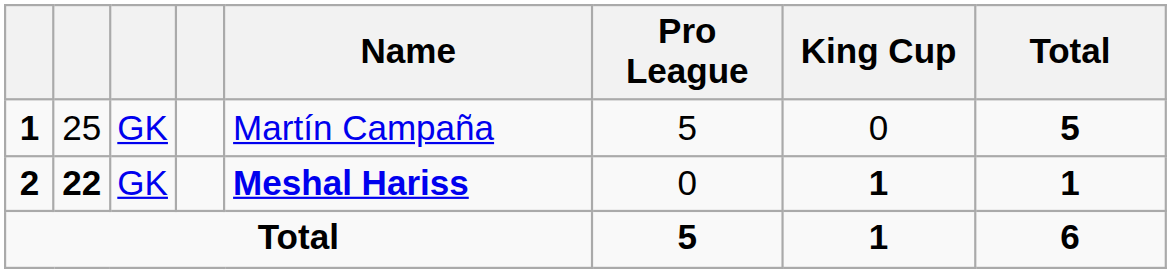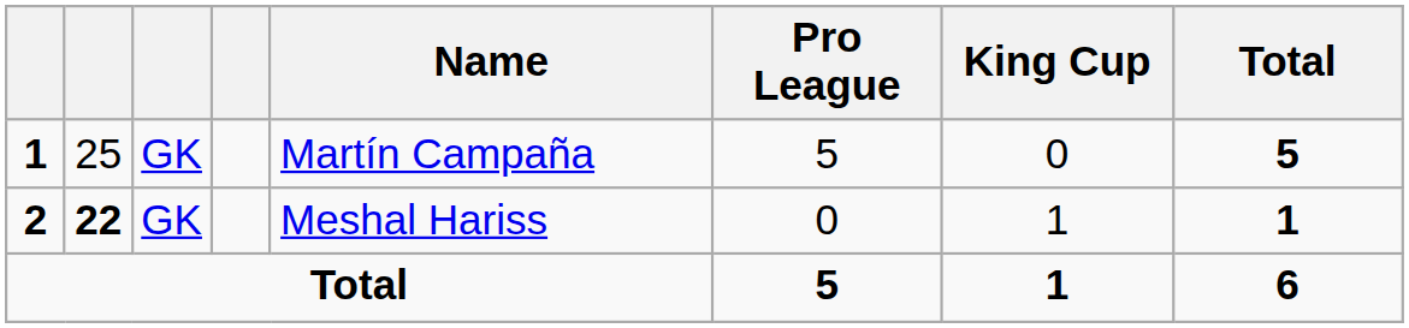 <table class="wikitable" style="text-align:center">
 <tr>
 <th width=15></th>
 <th width=15></th>
 <th width=15></th>
 <th width=15></th>
 <th width=160>Name</th>
 <th width=80>Pro League</th>
 <th width=80>King Cup</th>
 <th width=80>Total</th>
 </tr>
 <tr>
 <td><strong>1</strong></td>
 <td>25</td>
 <td><a href='#'>GK</a></td>
 <td></td>
 <td align=left><a href='#'>Martín Campaña</a></td>
 <td>5</td>
 <td>0</td>
 <td><strong>5</strong></td>
 </tr>
 <tr>
 <td><strong>2</strong></td>
 <td><strong>22</strong></td>
 <td><a href='#'>GK</a></td>
 <td></td>
-<td align=left><strong><a href='#'>Meshal Hariss</a></strong></td>
+<td align=left><a href='#'>Meshal Hariss</a></td>
 <td>0</td>
-<td><strong>1</strong></td>
+<td>1</td>
 <td><strong>1</strong></td>
 </tr>
 <tr>
 <td colspan=5><strong>Total</strong></td>
 <td><strong>5</strong></td>
 <td><strong>1</strong></td>
 <td><strong>6</strong></td>
 </tr>
 </table>
